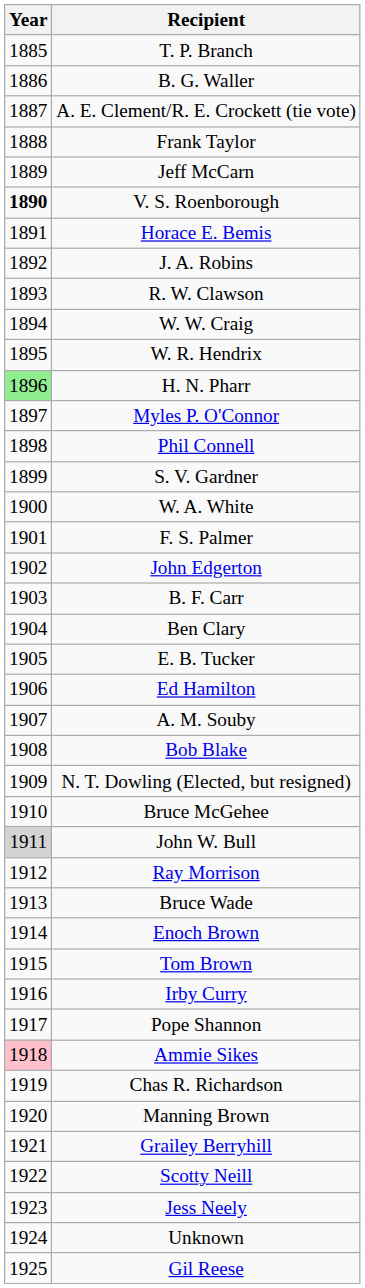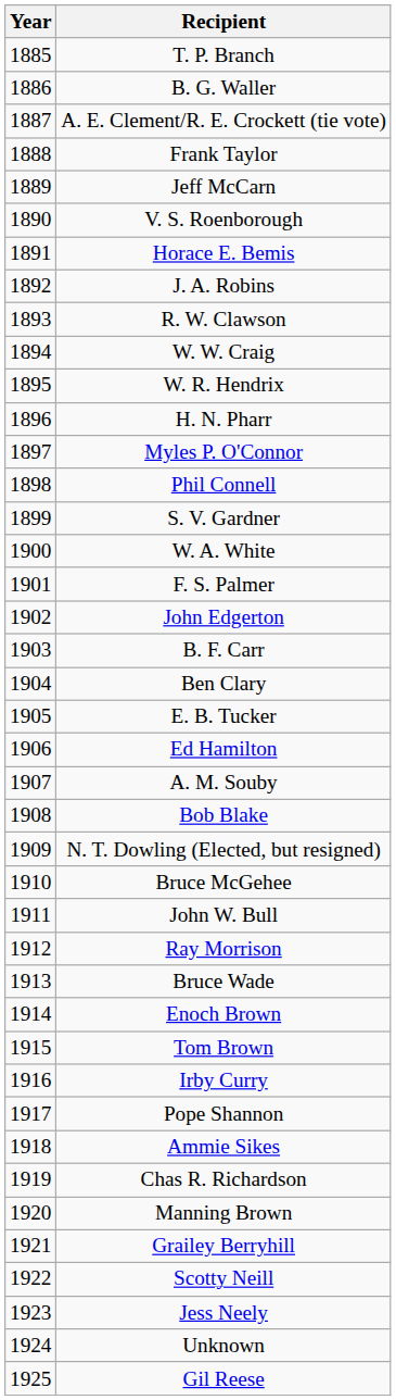 <table class="wikitable" style="text-align:center">
 <tr>
 <th>Year</th>
 <th>Recipient</th>
 </tr>
 <tr>
 <td>1885</td>
 <td>T. P. Branch</td>
 </tr>
 <tr>
 <td>1886</td>
 <td>B. G. Waller</td>
 </tr>
 <tr>
 <td>1887</td>
 <td>A. E. Clement/R. E. Crockett (tie vote)</td>
 </tr>
 <tr>
 <td>1888</td>
 <td>Frank Taylor</td>
 </tr>
 <tr>
 <td>1889</td>
 <td>Jeff McCarn</td>
 </tr>
 <tr>
-<td><strong>1890</strong></td>
+<td>1890</td>
 <td>V. S. Roenborough</td>
 </tr>
 <tr>
 <td>1891</td>
 <td><a href='#'>Horace E. Bemis</a></td>
 </tr>
 <tr>
 <td>1892</td>
 <td>J. A. Robins</td>
 </tr>
 <tr>
 <td>1893</td>
 <td>R. W. Clawson</td>
 </tr>
 <tr>
 <td>1894</td>
 <td>W. W. Craig</td>
 </tr>
 <tr>
 <td>1895</td>
 <td>W. R. Hendrix</td>
 </tr>
 <tr>
-<td style="background: lightgreen;">1896</td>
+<td>1896</td>
 <td>H. N. Pharr</td>
 </tr>
 <tr>
 <td>1897</td>
 <td><a href='#'>Myles P. O'Connor</a></td>
 </tr>
 <tr>
 <td>1898</td>
 <td><a href='#'>Phil Connell</a></td>
 </tr>
 <tr>
 <td>1899</td>
 <td>S. V. Gardner</td>
 </tr>
 <tr>
 <td>1900</td>
 <td>W. A. White</td>
 </tr>
 <tr>
 <td>1901</td>
 <td>F. S. Palmer</td>
 </tr>
 <tr>
 <td>1902</td>
 <td><a href='#'>John Edgerton</a></td>
 </tr>
 <tr>
 <td>1903</td>
 <td>B. F. Carr</td>
 </tr>
 <tr>
 <td>1904</td>
 <td>Ben Clary</td>
 </tr>
 <tr>
 <td>1905</td>
 <td>E. B. Tucker</td>
 </tr>
 <tr>
 <td>1906</td>
 <td><a href='#'>Ed Hamilton</a></td>
 </tr>
 <tr>
 <td>1907</td>
 <td>A. M. Souby</td>
 </tr>
 <tr>
 <td>1908</td>
 <td><a href='#'>Bob Blake</a></td>
 </tr>
 <tr>
 <td>1909</td>
 <td>N. T. Dowling (Elected, but resigned)</td>
 </tr>
 <tr>
 <td>1910</td>
 <td>Bruce McGehee</td>
 </tr>
 <tr>
-<td style="background: lightgrey;">1911</td>
+<td>1911</td>
 <td>John W. Bull</td>
 </tr>
 <tr>
 <td>1912</td>
 <td><a href='#'>Ray Morrison</a></td>
 </tr>
 <tr>
 <td>1913</td>
 <td>Bruce Wade</td>
 </tr>
 <tr>
 <td>1914</td>
 <td><a href='#'>Enoch Brown</a></td>
 </tr>
 <tr>
 <td>1915</td>
 <td><a href='#'>Tom Brown</a></td>
 </tr>
 <tr>
 <td>1916</td>
 <td><a href='#'>Irby Curry</a></td>
 </tr>
 <tr>
 <td>1917</td>
 <td>Pope Shannon</td>
 </tr>
 <tr>
-<td style="background: pink;">1918</td>
+<td>1918</td>
 <td><a href='#'>Ammie Sikes</a></td>
 </tr>
 <tr>
 <td>1919</td>
 <td>Chas R. Richardson</td>
 </tr>
 <tr>
 <td>1920</td>
 <td>Manning Brown</td>
 </tr>
 <tr>
 <td>1921</td>
 <td><a href='#'>Grailey Berryhill</a></td>
 </tr>
 <tr>
 <td>1922</td>
 <td><a href='#'>Scotty Neill</a></td>
 </tr>
 <tr>
 <td>1923</td>
 <td><a href='#'>Jess Neely</a></td>
 </tr>
 <tr>
 <td>1924</td>
 <td>Unknown</td>
 </tr>
 <tr>
 <td>1925</td>
 <td><a href='#'>Gil Reese</a></td>
 </tr>
 <tr>
 </tr>
 </table>
